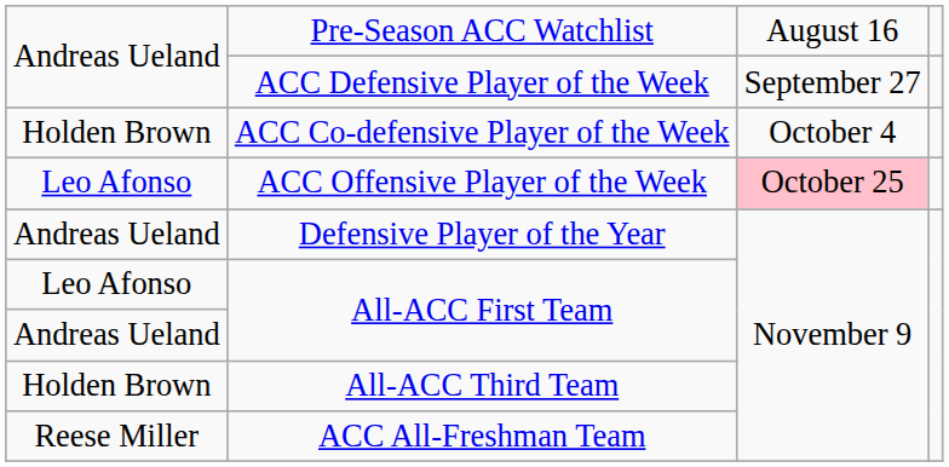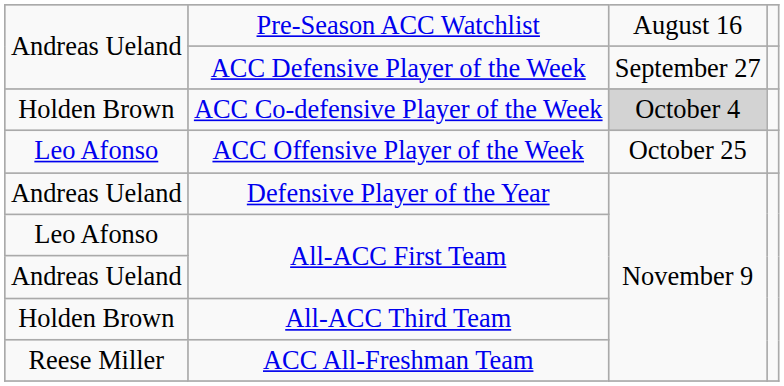 <table class="wikitable sortable" style="text-align: center">
 <tr>
 <td rowspan=2>Andreas Ueland</td>
 <td><a href='#'>Pre-Season ACC Watchlist</a></td>
 <td>August 16</td>
 <td></td>
 </tr>
 <tr>
 <td><a href='#'>ACC Defensive Player of the Week</a></td>
 <td>September 27</td>
 <td></td>
 </tr>
 <tr>
 <td>Holden Brown</td>
 <td><a href='#'>ACC Co-defensive Player of the Week</a></td>
-<td>October 4</td>
+<td style="background: lightgrey;">October 4</td>
 <td></td>
 </tr>
 <tr>
 <td><a href='#'>Leo Afonso</a></td>
 <td><a href='#'>ACC Offensive Player of the Week</a></td>
-<td style="background: pink;">October 25</td>
+<td>October 25</td>
 <td></td>
 </tr>
 <tr>
 <td>Andreas Ueland</td>
 <td><a href='#'>Defensive Player of the Year</a></td>
 <td rowspan=5>November 9</td>
 <td rowspan=5></td>
 </tr>
 <tr>
 <td>Leo Afonso</td>
 <td rowspan=2><a href='#'>All-ACC First Team</a></td>
 </tr>
 <tr>
 <td>Andreas Ueland</td>
 </tr>
 <tr>
 <td>Holden Brown</td>
 <td><a href='#'>All-ACC Third Team</a></td>
 </tr>
 <tr>
 <td>Reese Miller</td>
 <td><a href='#'>ACC All-Freshman Team</a></td>
 </tr>
 </table>
